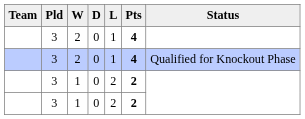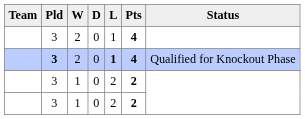 <table style=border-collapse:collapse border=1 cellspacing=0 cellpadding=5>
 <tr align=center bgcolor=#efefef>
 <th>Team</th>
 <th>Pld</th>
 <th>W</th>
 <th>D</th>
 <th>L</th>
 <th>Pts</th>
 <th>Status</th>
 </tr>
 <tr align=center style="background:#FFFFFF;">
 <td style="text-align:left;"> </td>
 <td>3</td>
 <td>2</td>
 <td>0</td>
 <td>1</td>
 <td><strong>4</strong></td>
 <td rowspan=1></td>
 </tr>
 <tr align=center style="background:#bbccff;">
 <td style="text-align:left;"> </td>
-<td>3</td>
+<td><strong>3</strong></td>
 <td>2</td>
 <td>0</td>
-<td>1</td>
+<td><strong>1</strong></td>
 <td><strong>4</strong></td>
 <td rowspan=1>Qualified for Knockout Phase</td>
 </tr>
 <tr align=center style="background:#FFFFFF;">
 <td style="text-align:left;"> </td>
 <td>3</td>
 <td>1</td>
 <td>0</td>
 <td>2</td>
 <td><strong>2</strong></td>
 <td rowspan=2></td>
 </tr>
 <tr align=center style="background:#FFFFFF;">
 <td style="text-align:left;"> </td>
 <td>3</td>
 <td>1</td>
 <td>0</td>
 <td>2</td>
 <td><strong>2</strong></td>
 </tr>
 </table>
